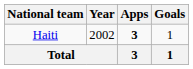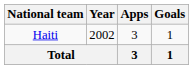 <table class="wikitable" style="text-align:center">
 <tr>
 <th>National team</th>
 <th>Year</th>
 <th>Apps</th>
 <th>Goals</th>
 </tr>
 <tr>
 <td rowspan="1"><a href='#'>Haiti</a></td>
 <td>2002</td>
-<td><strong>3</strong></td>
+<td>3</td>
 <td>1</td>
 </tr>
 <tr>
 <th colspan="2">Total</th>
 <th>3</th>
 <th>1</th>
 </tr>
 </table>
